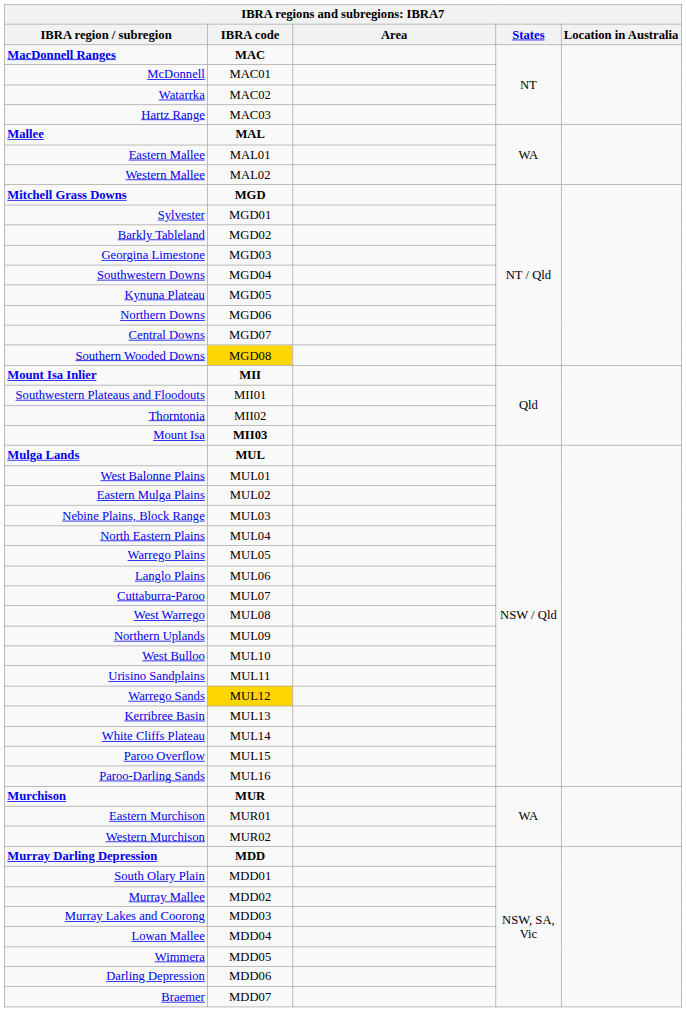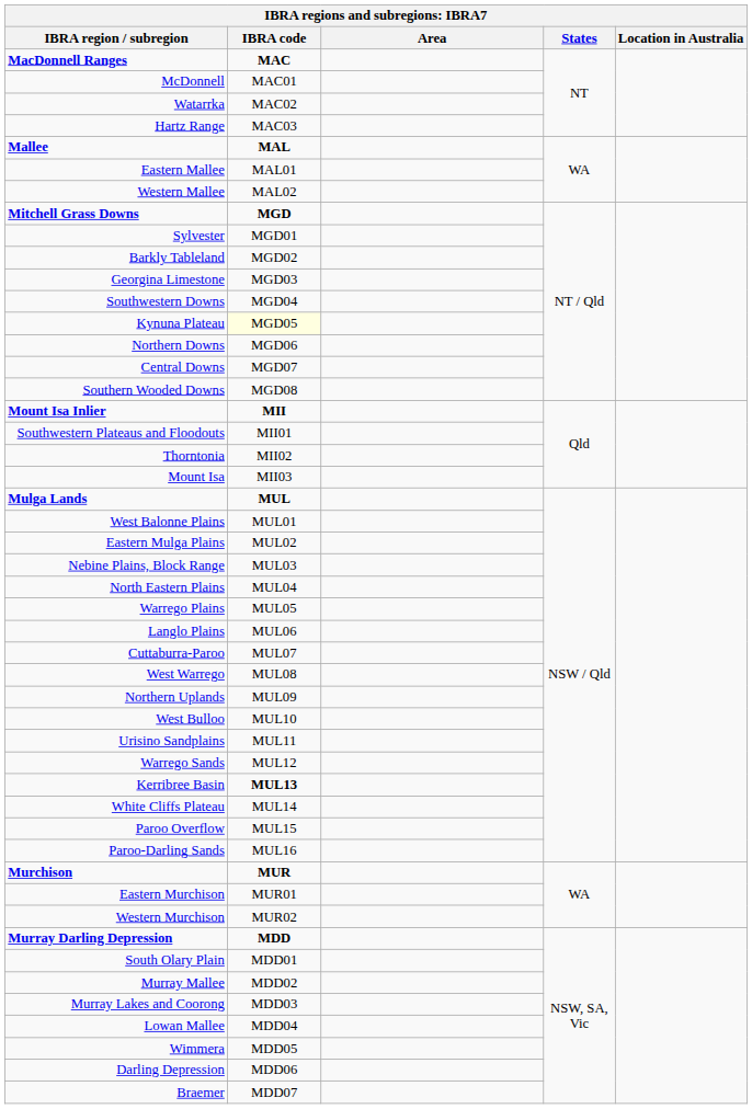 <table class="wikitable sortable">
 <tr>
 <th rowwidth=100px colspan=5>IBRA regions and subregions: IBRA7</th>
 </tr>
 <tr>
 <th scope="col" style="width:250px;">IBRA region / subregion</th>
 <th scope="col" style="width:100px;">IBRA code</th>
 <th scope="col" style="width:250px;">Area</th>
 <th scope="col" style="width:75px;"><a href='#'>States</a></th>
 <th>Location in Australia</th>
 </tr>
 <tr>
 <td><strong><a href='#'>MacDonnell Ranges</a></strong></td>
 <td style="text-align:center;"><strong>MAC</strong></td>
 <td align="right"><strong></strong></td>
 <td style="text-align:center;" rowspan="4">NT</td>
 <td style="text-align:center;" rowspan="4"></td>
 </tr>
 <tr>
 <td align="right"><a href='#'>McDonnell</a></td>
 <td style="text-align:center;">MAC01</td>
 <td align="right"></td>
 </tr>
 <tr>
 <td align="right"><a href='#'>Watarrka</a></td>
 <td style="text-align:center;">MAC02</td>
 <td align="right"></td>
 </tr>
 <tr>
 <td align="right"><a href='#'>Hartz Range</a></td>
 <td style="text-align:center;">MAC03</td>
 <td align="right"></td>
 </tr>
 <tr>
 <td><strong><a href='#'>Mallee</a></strong></td>
 <td style="text-align:center;"><strong>MAL</strong></td>
 <td align="right"><strong></strong></td>
 <td style="text-align:center;" rowspan="3">WA</td>
 <td style="text-align:center;" rowspan="3"></td>
 </tr>
 <tr>
 <td align="right"><a href='#'>Eastern Mallee</a></td>
 <td style="text-align:center;">MAL01</td>
 <td align="right"></td>
 </tr>
 <tr>
 <td align="right"><a href='#'>Western Mallee</a></td>
 <td style="text-align:center;">MAL02</td>
 <td align="right"></td>
 </tr>
 <tr>
 <td><strong><a href='#'>Mitchell Grass Downs</a></strong></td>
 <td style="text-align:center;"><strong>MGD</strong></td>
 <td align="right"><strong></strong></td>
 <td style="text-align:center;" rowspan="9">NT / Qld</td>
 <td style="text-align:center;" rowspan="9"></td>
 </tr>
 <tr>
 <td align="right"><a href='#'>Sylvester</a></td>
 <td style="text-align:center;">MGD01</td>
 <td align="right"></td>
 </tr>
 <tr>
 <td align="right"><a href='#'>Barkly Tableland</a></td>
 <td style="text-align:center;">MGD02</td>
 <td align="right"></td>
 </tr>
 <tr>
 <td align="right"><a href='#'>Georgina Limestone</a></td>
 <td style="text-align:center;">MGD03</td>
 <td align="right"></td>
 </tr>
 <tr>
 <td align="right"><a href='#'>Southwestern Downs</a></td>
 <td style="text-align:center;">MGD04</td>
 <td align="right"></td>
 </tr>
 <tr>
 <td align="right"><a href='#'>Kynuna Plateau</a></td>
-<td style="text-align:center;">MGD05</td>
+<td style="background: lightyellow; text-align:center;">MGD05</td>
 <td align="right"></td>
 </tr>
 <tr>
 <td align="right"><a href='#'>Northern Downs</a></td>
 <td style="text-align:center;">MGD06</td>
 <td align="right"></td>
 </tr>
 <tr>
 <td align="right"><a href='#'>Central Downs</a></td>
 <td style="text-align:center;">MGD07</td>
 <td align="right"></td>
 </tr>
 <tr>
 <td align="right"><a href='#'>Southern Wooded Downs</a></td>
-<td style="background: gold; text-align:center;">MGD08</td>
+<td style="text-align:center;">MGD08</td>
 <td align="right"></td>
 </tr>
 <tr>
 <td><strong><a href='#'>Mount Isa Inlier</a></strong></td>
 <td style="text-align:center;"><strong>MII</strong></td>
 <td align="right"><strong></strong></td>
 <td style="text-align:center;" rowspan="4">Qld</td>
 <td style="text-align:center;" rowspan="4"></td>
 </tr>
 <tr>
 <td align="right"><a href='#'>Southwestern Plateaus and Floodouts</a></td>
 <td style="text-align:center;">MII01</td>
 <td align="right"></td>
 </tr>
 <tr>
 <td align="right"><a href='#'>Thorntonia</a></td>
 <td style="text-align:center;">MII02</td>
 <td align="right"></td>
 </tr>
 <tr>
 <td align="right"><a href='#'>Mount Isa</a></td>
-<td style="text-align:center;"><strong>MII03</strong></td>
+<td style="text-align:center;">MII03</td>
 <td align="right"></td>
 </tr>
 <tr>
 <td><strong><a href='#'>Mulga Lands</a></strong></td>
 <td style="text-align:center;"><strong>MUL</strong></td>
 <td align="right"><strong></strong></td>
 <td style="text-align:center;" rowspan="17">NSW / Qld</td>
 <td style="text-align:center;" rowspan="17"></td>
 </tr>
 <tr>
 <td align="right"><a href='#'>West Balonne Plains</a></td>
 <td style="text-align:center;">MUL01</td>
 <td align="right"></td>
 </tr>
 <tr>
 <td align="right"><a href='#'>Eastern Mulga Plains</a></td>
 <td style="text-align:center;">MUL02</td>
 <td align="right"></td>
 </tr>
 <tr>
 <td align="right"><a href='#'>Nebine Plains, Block Range</a></td>
 <td style="text-align:center;">MUL03</td>
 <td align="right"></td>
 </tr>
 <tr>
 <td align="right"><a href='#'>North Eastern Plains</a></td>
 <td style="text-align:center;">MUL04</td>
 <td align="right"></td>
 </tr>
 <tr>
 <td align="right"><a href='#'>Warrego Plains</a></td>
 <td style="text-align:center;">MUL05</td>
 <td align="right"></td>
 </tr>
 <tr>
 <td align="right"><a href='#'>Langlo Plains</a></td>
 <td style="text-align:center;">MUL06</td>
 <td align="right"></td>
 </tr>
 <tr>
 <td align="right"><a href='#'>Cuttaburra-Paroo</a></td>
 <td style="text-align:center;">MUL07</td>
 <td align="right"></td>
 </tr>
 <tr>
 <td align="right"><a href='#'>West Warrego</a></td>
 <td style="text-align:center;">MUL08</td>
 <td align="right"></td>
 </tr>
 <tr>
 <td align="right"><a href='#'>Northern Uplands</a></td>
 <td style="text-align:center;">MUL09</td>
 <td align="right"></td>
 </tr>
 <tr>
 <td align="right"><a href='#'>West Bulloo</a></td>
 <td style="text-align:center;">MUL10</td>
 <td align="right"></td>
 </tr>
 <tr>
 <td align="right"><a href='#'>Urisino Sandplains</a></td>
 <td style="text-align:center;">MUL11</td>
 <td align="right"></td>
 </tr>
 <tr>
 <td align="right"><a href='#'>Warrego Sands</a></td>
-<td style="background: gold; text-align:center;">MUL12</td>
+<td style="text-align:center;">MUL12</td>
 <td align="right"></td>
 </tr>
 <tr>
 <td align="right"><a href='#'>Kerribree Basin</a></td>
-<td style="text-align:center;">MUL13</td>
+<td style="text-align:center;"><strong>MUL13</strong></td>
 <td align="right"></td>
 </tr>
 <tr>
 <td align="right"><a href='#'>White Cliffs Plateau</a></td>
 <td style="text-align:center;">MUL14</td>
 <td align="right"></td>
 </tr>
 <tr>
 <td align="right"><a href='#'>Paroo Overflow</a></td>
 <td style="text-align:center;">MUL15</td>
 <td align="right"></td>
 </tr>
 <tr>
 <td align="right"><a href='#'>Paroo-Darling Sands</a></td>
 <td style="text-align:center;">MUL16</td>
 <td align="right"></td>
 </tr>
 <tr>
 <td><strong><a href='#'>Murchison</a></strong></td>
 <td style="text-align:center;"><strong>MUR</strong></td>
 <td align="right"><strong></strong></td>
 <td style="text-align:center;" rowspan="3">WA</td>
 <td style="text-align:center;" rowspan="3"></td>
 </tr>
 <tr>
 <td align="right"><a href='#'>Eastern Murchison</a></td>
 <td style="text-align:center;">MUR01</td>
 <td align="right"></td>
 </tr>
 <tr>
 <td align="right"><a href='#'>Western Murchison</a></td>
 <td style="text-align:center;">MUR02</td>
 <td align="right"></td>
 </tr>
 <tr>
 <td><strong><a href='#'>Murray Darling Depression</a></strong></td>
 <td style="text-align:center;"><strong>MDD</strong></td>
 <td align="right"><strong></strong></td>
 <td style="text-align:center;" rowspan="8">NSW, SA, Vic</td>
 <td style="text-align:center;" rowspan="8"></td>
 </tr>
 <tr>
 <td align="right"><a href='#'>South Olary Plain</a></td>
 <td style="text-align:center;">MDD01</td>
 <td align="right"></td>
 </tr>
 <tr>
 <td align="right"><a href='#'>Murray Mallee</a></td>
 <td style="text-align:center;">MDD02</td>
 <td align="right"></td>
 </tr>
 <tr>
 <td align="right"><a href='#'>Murray Lakes and Coorong</a></td>
 <td style="text-align:center;">MDD03</td>
 <td align="right"></td>
 </tr>
 <tr>
 <td align="right"><a href='#'>Lowan Mallee</a></td>
 <td style="text-align:center;">MDD04</td>
 <td align="right"></td>
 </tr>
 <tr>
 <td align="right"><a href='#'>Wimmera</a></td>
 <td style="text-align:center;">MDD05</td>
 <td align="right"></td>
 </tr>
 <tr>
 <td align="right"><a href='#'>Darling Depression</a></td>
 <td style="text-align:center;">MDD06</td>
 <td align="right"></td>
 </tr>
 <tr>
 <td align="right"><a href='#'>Braemer</a></td>
 <td style="text-align:center;">MDD07</td>
 <td align="right"></td>
 </tr>
 </table>
